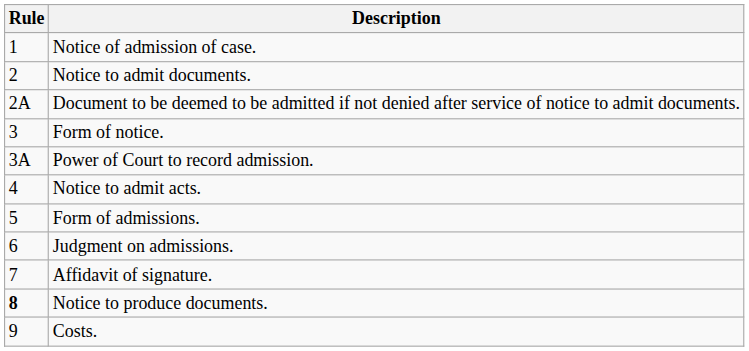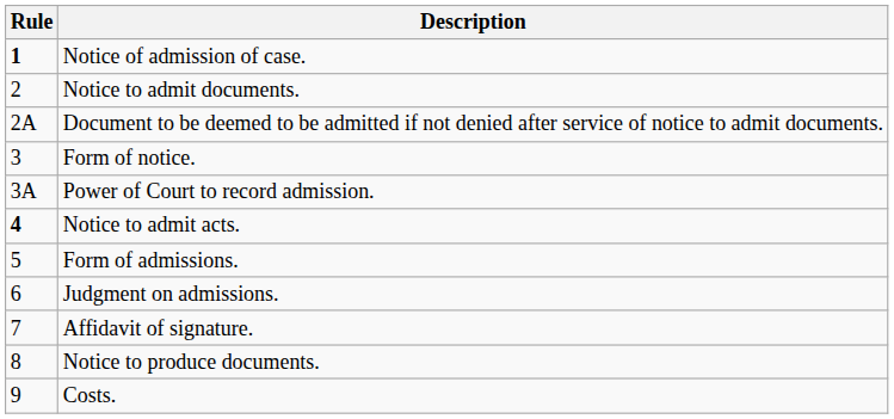 <table class="wikitable">
 <tr>
 <th>Rule</th>
 <th>Description</th>
 </tr>
 <tr>
-<td>1</td>
+<td><strong>1</strong></td>
 <td>Notice of admission of case.</td>
 </tr>
 <tr>
 <td>2</td>
 <td>Notice to admit documents.</td>
 </tr>
 <tr>
 <td>2A</td>
 <td>Document to be deemed to be admitted if not denied after service of notice to admit documents.</td>
 </tr>
 <tr>
 <td>3</td>
 <td>Form of notice.</td>
 </tr>
 <tr>
 <td>3A</td>
 <td>Power of Court to record admission.</td>
 </tr>
 <tr>
-<td>4</td>
+<td><strong>4</strong></td>
 <td>Notice to admit acts.</td>
 </tr>
 <tr>
 <td>5</td>
 <td>Form of admissions.</td>
 </tr>
 <tr>
 <td>6</td>
 <td>Judgment on admissions.</td>
 </tr>
 <tr>
 <td>7</td>
 <td>Affidavit of signature.</td>
 </tr>
 <tr>
-<td><strong>8</strong></td>
+<td>8</td>
 <td>Notice to produce documents.</td>
 </tr>
 <tr>
 <td>9</td>
 <td>Costs.</td>
 </tr>
 </table>
